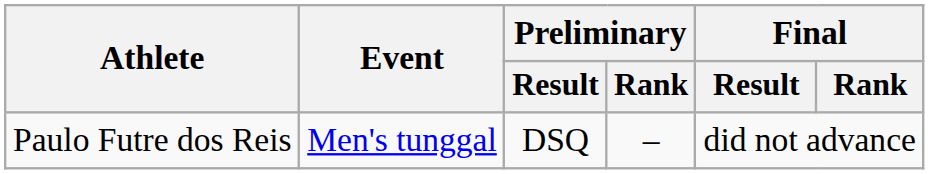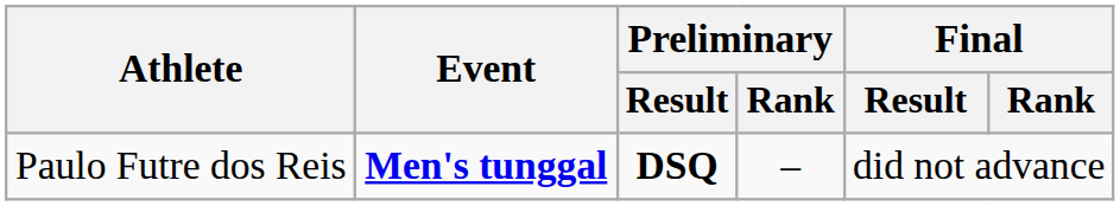 <table class=wikitable style=font-size:90%;text-align:center>
 <tr>
 <th rowspan="2">Athlete</th>
 <th rowspan="2">Event</th>
 <th colspan="2">Preliminary</th>
 <th colspan="2">Final</th>
 </tr>
 <tr style="font-size:95%">
 <th>Result</th>
 <th>Rank</th>
 <th>Result</th>
 <th>Rank</th>
 </tr>
 <tr>
 <td align=left>Paulo Futre dos Reis</td>
-<td align=left><a href='#'>Men's tunggal</a></td>
-<td>DSQ</td>
+<td align=left><strong><a href='#'>Men's tunggal</a></strong></td>
+<td><strong>DSQ</strong></td>
 <td>–</td>
 <td colspan=2>did not advance</td>
 </tr>
 </table>
